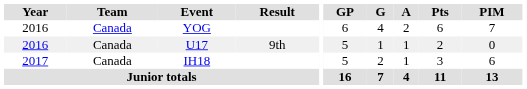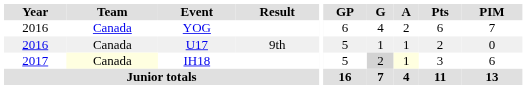 <table border="0" cellpadding="1" cellspacing="0" ID="Table3" style="text-align:center; width:40em">
 <tr style="text-align:center; background:#e0e0e0;">
 <th>Year</th>
 <th>Team</th>
 <th>Event</th>
 <th>Result</th>
 <th rowspan="99" style="background:#fff;"></th>
 <th>GP</th>
 <th>G</th>
 <th>A</th>
 <th>Pts</th>
 <th>PIM</th>
 </tr>
 <tr>
 <td>2016</td>
 <td><a href='#'>Canada</a></td>
 <td><a href='#'>YOG</a></td>
 <td></td>
 <td>6</td>
 <td>4</td>
 <td>2</td>
 <td>6</td>
 <td>7</td>
 </tr>
 <tr style="background:#f0f0f0;">
 <td><a href='#'>2016</a></td>
 <td>Canada</td>
 <td><a href='#'>U17</a></td>
 <td>9th</td>
 <td>5</td>
 <td>1</td>
 <td>1</td>
 <td>2</td>
 <td>0</td>
 </tr>
 <tr>
 <td><a href='#'>2017</a></td>
-<td>Canada</td>
+<td style="background: lightyellow;">Canada</td>
 <td><a href='#'>IH18</a></td>
 <td></td>
 <td>5</td>
-<td>2</td>
-<td>1</td>
+<td style="background: lightgrey;">2</td>
+<td style="background: lightyellow;">1</td>
 <td>3</td>
 <td>6</td>
 </tr>
 <tr style="text-align:center; background:#e0e0e0;">
 <th colspan=4>Junior totals</th>
 <th>16</th>
 <th>7</th>
 <th>4</th>
 <th>11</th>
 <th>13</th>
 </tr>
 </table>
